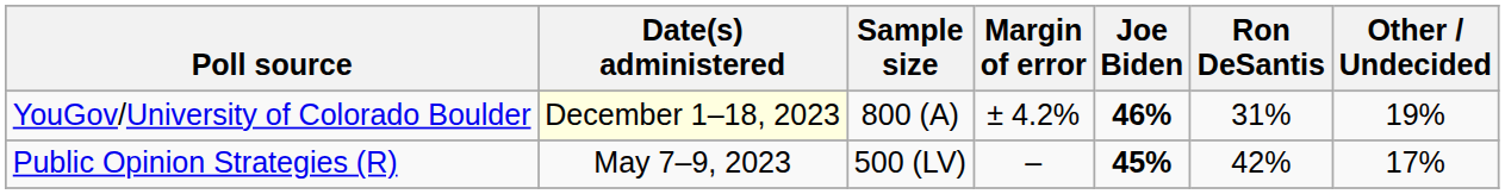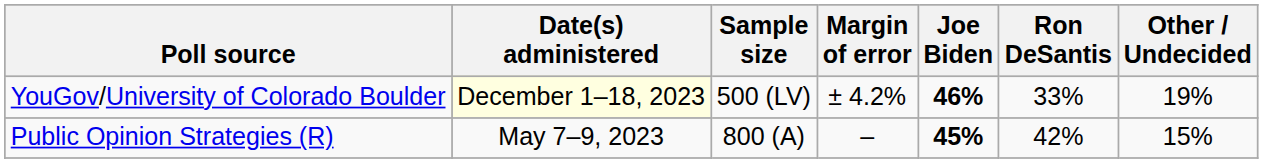 <table class="wikitable sortable mw-datatable" style="font-size:90%;text-align:center;line-height:17px">
 <tr valign=bottom>
 <th>Poll source</th>
 <th>Date(s)<br>administered</th>
 <th>Sample<br>size</th>
 <th>Margin<br>of error</th>
 <th class="unsortable">Joe<br>Biden<br></th>
 <th class="unsortable">Ron<br>DeSantis<br></th>
 <th class="unsortable">Other /<br>Undecided</th>
 </tr>
 <tr>
 <td style="text-align:left;"><a href='#'>YouGov</a>/<a href='#'>University of Colorado Boulder</a></td>
 <td data-sort-value="2024-01-29" style="background: lightyellow;">December 1–18, 2023</td>
-<td>800 (A)</td>
+<td>500 (LV)</td>
 <td>± 4.2%</td>
 <td style="color:black;background-color:"><strong>46%</strong></td>
-<td>31%</td>
+<td>33%</td>
 <td>19%</td>
 </tr>
 <tr>
 <td style="text-align:left;"><a href='#'>Public Opinion Strategies (R)</a></td>
 <td data-sort-value="2023-05-09">May 7–9, 2023</td>
-<td>500 (LV)</td>
+<td>800 (A)</td>
 <td>–</td>
 <td style="color:black;background-color:"><strong>45%</strong></td>
 <td>42%</td>
-<td>17%</td>
+<td>15%</td>
 </tr>
 </table>
